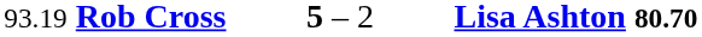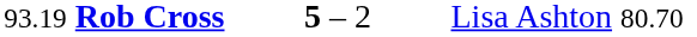 <table style="text-align:center">
 <tr>
 <th width=223></th>
 <th width=100></th>
 <th width=223></th>
 </tr>
 <tr>
 <td align=right><small>93.19</small> <strong><a href='#'>Rob Cross</a></strong> </td>
 <td><strong>5</strong> – 2</td>
-<td align=left><strong> <a href='#'>Lisa Ashton</a> <small>80.70</small></strong></td>
+<td align=left> <a href='#'>Lisa Ashton</a> <small>80.70</small></td>
 </tr>
 <tr>
 <td align=right></td>
 <td></td>
 <td align=left></td>
 </tr>
 </table>
